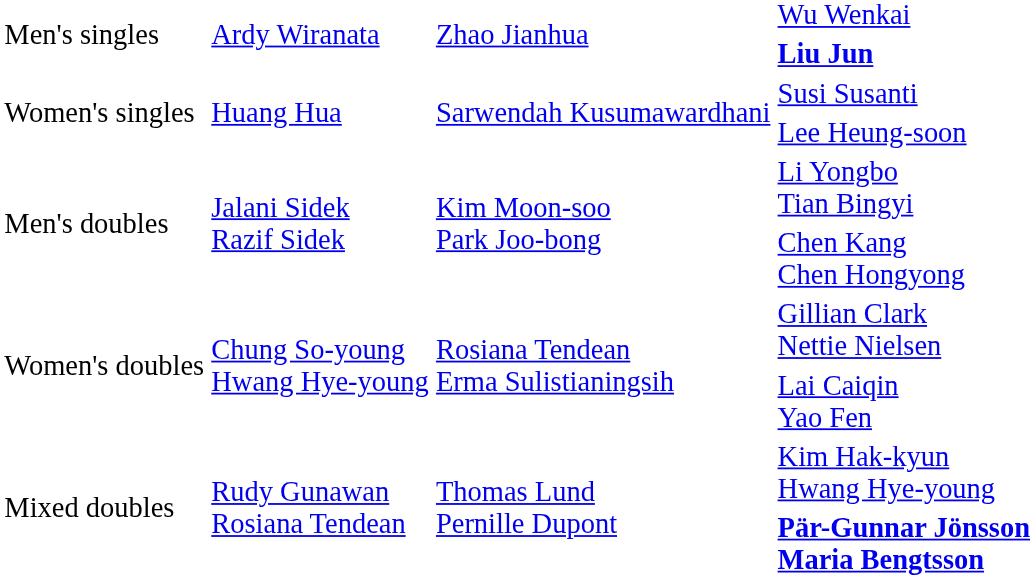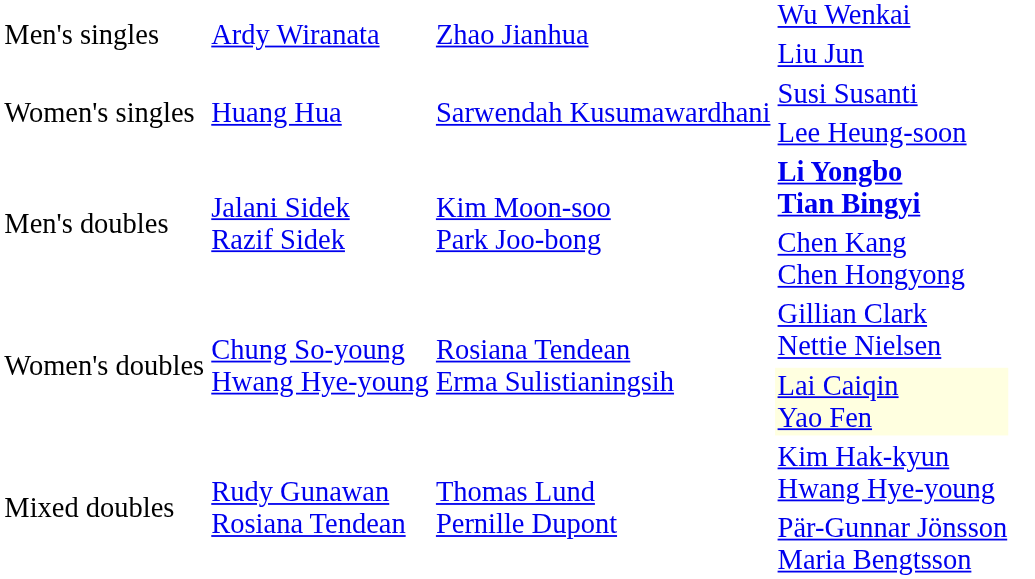 <table>
 <tr>
 <td rowspan=2>Men's singles</td>
 <td rowspan=2> <a href='#'>Ardy Wiranata</a></td>
 <td rowspan=2> <a href='#'>Zhao Jianhua</a></td>
 <td> <a href='#'>Wu Wenkai</a></td>
 </tr>
 <tr>
-<td><strong> <a href='#'>Liu Jun</a></strong></td>
+<td> <a href='#'>Liu Jun</a></td>
 </tr>
 <tr>
 <td rowspan=2>Women's singles</td>
 <td rowspan=2> <a href='#'>Huang Hua</a></td>
 <td rowspan=2> <a href='#'>Sarwendah Kusumawardhani</a></td>
 <td> <a href='#'>Susi Susanti</a></td>
 </tr>
 <tr>
 <td> <a href='#'>Lee Heung-soon</a></td>
 </tr>
 <tr>
 <td rowspan=2>Men's doubles</td>
 <td rowspan=2> <a href='#'>Jalani Sidek</a> <br>  <a href='#'>Razif Sidek</a></td>
 <td rowspan=2> <a href='#'>Kim Moon-soo</a> <br>  <a href='#'>Park Joo-bong</a></td>
-<td> <a href='#'>Li Yongbo</a> <br>  <a href='#'>Tian Bingyi</a></td>
+<td><strong> <a href='#'>Li Yongbo</a> <br>  <a href='#'>Tian Bingyi</a></strong></td>
 </tr>
 <tr>
 <td> <a href='#'>Chen Kang</a> <br>  <a href='#'>Chen Hongyong</a></td>
 </tr>
 <tr>
 <td rowspan=2>Women's doubles</td>
 <td rowspan=2> <a href='#'>Chung So-young</a> <br>  <a href='#'>Hwang Hye-young</a></td>
 <td rowspan=2> <a href='#'>Rosiana Tendean</a> <br>  <a href='#'>Erma Sulistianingsih</a></td>
 <td> <a href='#'>Gillian Clark</a> <br>  <a href='#'>Nettie Nielsen</a></td>
 </tr>
 <tr>
-<td> <a href='#'>Lai Caiqin</a> <br>  <a href='#'>Yao Fen</a></td>
+<td style="background: lightyellow;"> <a href='#'>Lai Caiqin</a> <br>  <a href='#'>Yao Fen</a></td>
 </tr>
 <tr>
 <td rowspan=2>Mixed doubles</td>
 <td rowspan=2> <a href='#'>Rudy Gunawan</a><br>  <a href='#'>Rosiana Tendean</a></td>
 <td rowspan=2> <a href='#'>Thomas Lund</a> <br>  <a href='#'>Pernille Dupont</a></td>
 <td> <a href='#'>Kim Hak-kyun</a> <br>  <a href='#'>Hwang Hye-young</a></td>
 </tr>
 <tr>
-<td><strong> <a href='#'>Pär-Gunnar Jönsson</a> <br>  <a href='#'>Maria Bengtsson</a></strong></td>
+<td> <a href='#'>Pär-Gunnar Jönsson</a> <br>  <a href='#'>Maria Bengtsson</a></td>
 </tr>
 </table>
